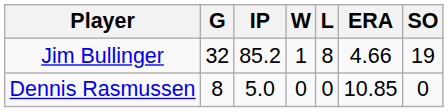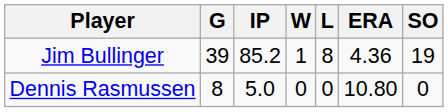 <table class="wikitable sortable" style="text-align:center">
 <tr>
 <th>Player</th>
 <th>G</th>
 <th>IP</th>
 <th>W</th>
 <th>L</th>
 <th>ERA</th>
 <th>SO</th>
 </tr>
 <tr>
 <td><a href='#'>Jim Bullinger</a></td>
-<td>32</td>
+<td>39</td>
 <td>85.2</td>
 <td>1</td>
 <td>8</td>
-<td>4.66</td>
+<td>4.36</td>
 <td>19</td>
 </tr>
 <tr>
 <td><a href='#'>Dennis Rasmussen</a></td>
 <td>8</td>
 <td>5.0</td>
 <td>0</td>
 <td>0</td>
-<td>10.85</td>
+<td>10.80</td>
 <td>0</td>
 </tr>
 </table>
